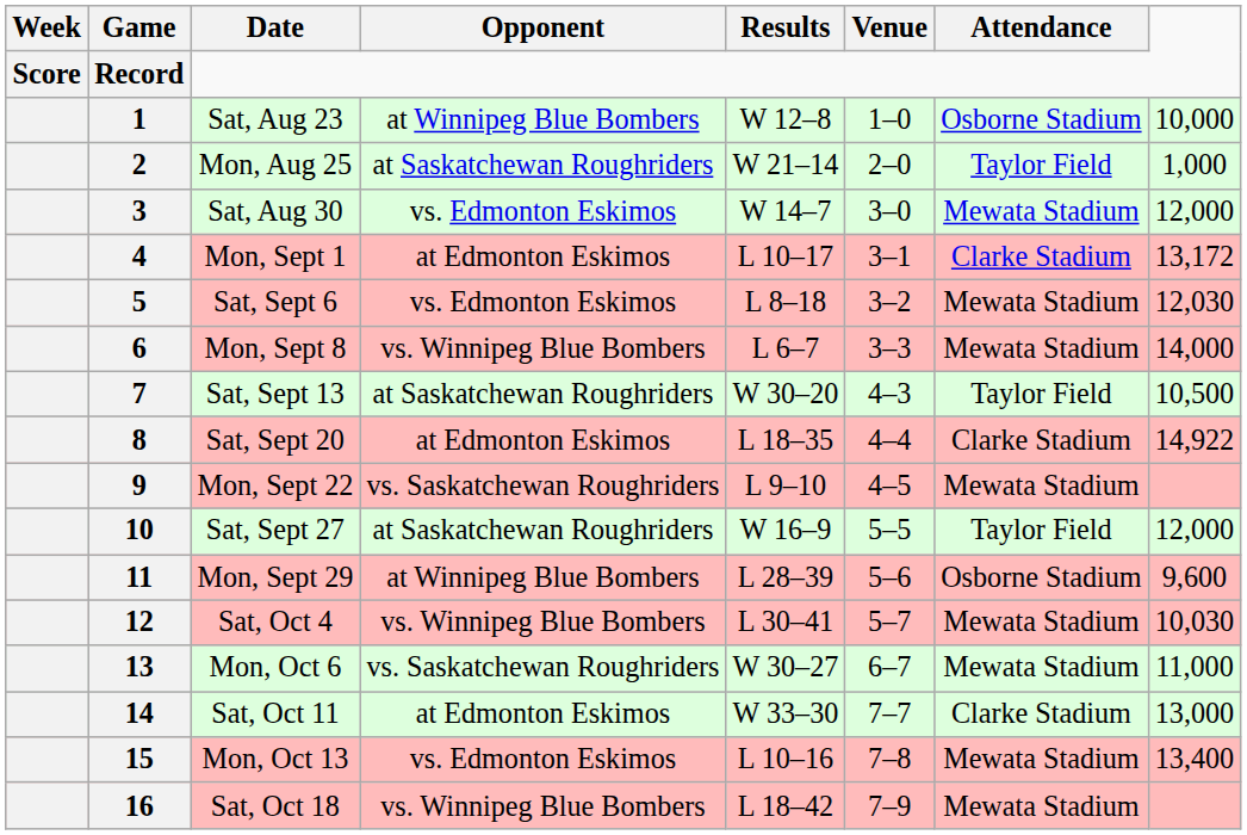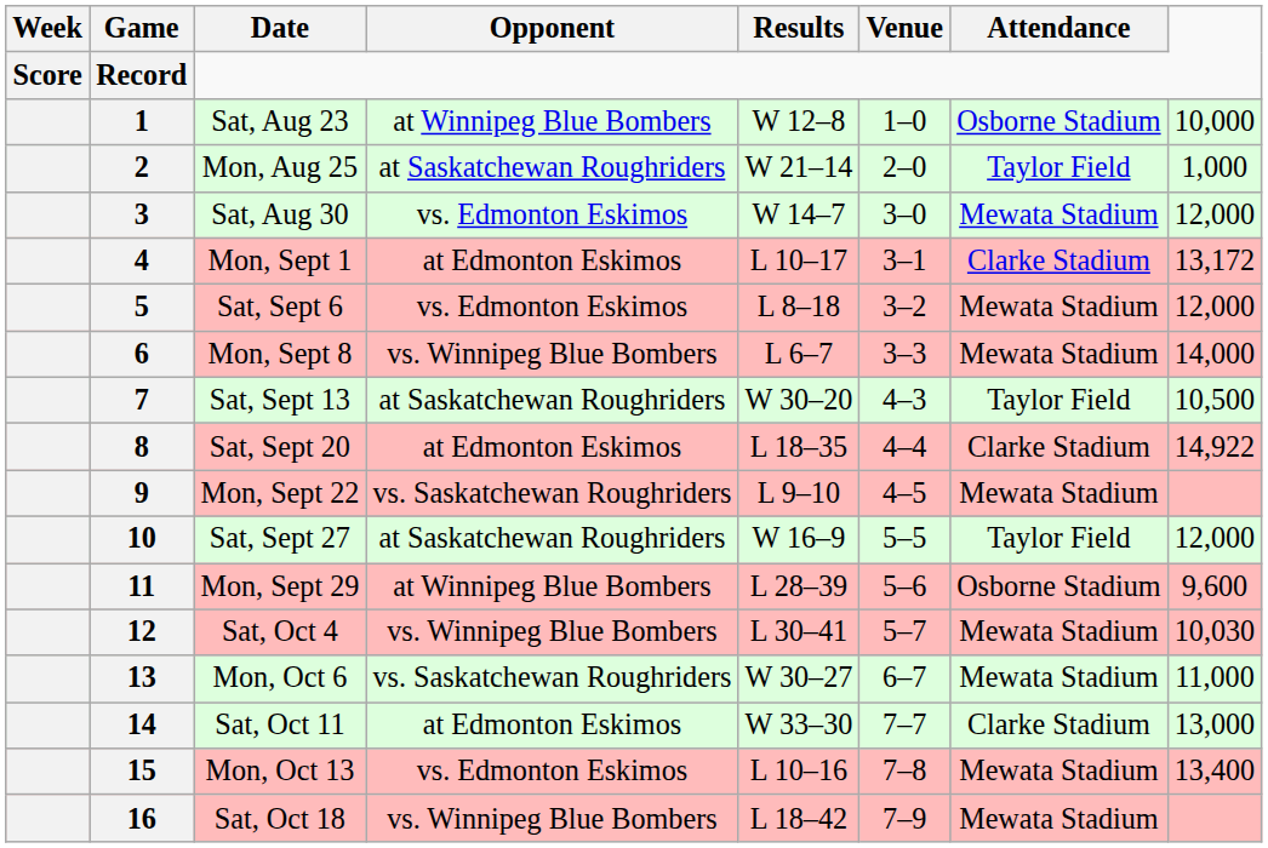 <table class="wikitable" style="text-align:center">
 <tr>
 <th>Week</th>
 <th>Game</th>
 <th>Date</th>
 <th>Opponent</th>
 <th>Results</th>
 <th>Venue</th>
 <th>Attendance</th>
 </tr>
 <tr>
 <th>Score</th>
 <th>Record</th>
 </tr>
 <tr style="background:#ddffdd">
 <th></th>
 <th>1</th>
 <td>Sat, Aug 23</td>
 <td>at <a href='#'>Winnipeg Blue Bombers</a></td>
 <td>W 12–8</td>
 <td>1–0</td>
 <td><a href='#'>Osborne Stadium</a></td>
 <td>10,000</td>
 </tr>
 <tr style="background:#ddffdd">
 <th></th>
 <th>2</th>
 <td>Mon, Aug 25</td>
 <td>at <a href='#'>Saskatchewan Roughriders</a></td>
 <td>W 21–14</td>
 <td>2–0</td>
 <td><a href='#'>Taylor Field</a></td>
 <td>1,000</td>
 </tr>
 <tr style="background:#ddffdd">
 <th></th>
 <th>3</th>
 <td>Sat, Aug 30</td>
 <td>vs. <a href='#'>Edmonton Eskimos</a></td>
 <td>W 14–7</td>
 <td>3–0</td>
 <td><a href='#'>Mewata Stadium</a></td>
 <td>12,000</td>
 </tr>
 <tr style="background:#ffbbbb">
 <th></th>
 <th>4</th>
 <td>Mon, Sept 1</td>
 <td>at Edmonton Eskimos</td>
 <td>L 10–17</td>
 <td>3–1</td>
 <td><a href='#'>Clarke Stadium</a></td>
 <td>13,172</td>
 </tr>
 <tr style="background:#ffbbbb">
 <th></th>
 <th>5</th>
 <td>Sat, Sept 6</td>
 <td>vs. Edmonton Eskimos</td>
 <td>L 8–18</td>
 <td>3–2</td>
 <td>Mewata Stadium</td>
-<td>12,030</td>
+<td>12,000</td>
 </tr>
 <tr style="background:#ffbbbb">
 <th></th>
 <th>6</th>
 <td>Mon, Sept 8</td>
 <td>vs. Winnipeg Blue Bombers</td>
 <td>L 6–7</td>
 <td>3–3</td>
 <td>Mewata Stadium</td>
 <td>14,000</td>
 </tr>
 <tr style="background:#ddffdd">
 <th></th>
 <th>7</th>
 <td>Sat, Sept 13</td>
 <td>at Saskatchewan Roughriders</td>
 <td>W 30–20</td>
 <td>4–3</td>
 <td>Taylor Field</td>
 <td>10,500</td>
 </tr>
 <tr style="background:#ffbbbb">
 <th></th>
 <th>8</th>
 <td>Sat, Sept 20</td>
 <td>at Edmonton Eskimos</td>
 <td>L 18–35</td>
 <td>4–4</td>
 <td>Clarke Stadium</td>
 <td>14,922</td>
 </tr>
 <tr style="background:#ffbbbb">
 <th></th>
 <th>9</th>
 <td>Mon, Sept 22</td>
 <td>vs. Saskatchewan Roughriders</td>
 <td>L 9–10</td>
 <td>4–5</td>
 <td>Mewata Stadium</td>
 <td></td>
 </tr>
 <tr style="background:#ddffdd">
 <th></th>
 <th>10</th>
 <td>Sat, Sept 27</td>
 <td>at Saskatchewan Roughriders</td>
 <td>W 16–9</td>
 <td>5–5</td>
 <td>Taylor Field</td>
 <td>12,000</td>
 </tr>
 <tr style="background:#ffbbbb">
 <th></th>
 <th>11</th>
 <td>Mon, Sept 29</td>
 <td>at Winnipeg Blue Bombers</td>
 <td>L 28–39</td>
 <td>5–6</td>
 <td>Osborne Stadium</td>
 <td>9,600</td>
 </tr>
 <tr style="background:#ffbbbb">
 <th></th>
 <th>12</th>
 <td>Sat, Oct 4</td>
 <td>vs. Winnipeg Blue Bombers</td>
 <td>L 30–41</td>
 <td>5–7</td>
 <td>Mewata Stadium</td>
 <td>10,030</td>
 </tr>
 <tr style="background:#ddffdd">
 <th></th>
 <th>13</th>
 <td>Mon, Oct 6</td>
 <td>vs. Saskatchewan Roughriders</td>
 <td>W 30–27</td>
 <td>6–7</td>
 <td>Mewata Stadium</td>
 <td>11,000</td>
 </tr>
 <tr style="background:#ddffdd">
 <th></th>
 <th>14</th>
 <td>Sat, Oct 11</td>
 <td>at Edmonton Eskimos</td>
 <td>W 33–30</td>
 <td>7–7</td>
 <td>Clarke Stadium</td>
 <td>13,000</td>
 </tr>
 <tr style="background:#ffbbbb">
 <th></th>
 <th>15</th>
 <td>Mon, Oct 13</td>
 <td>vs. Edmonton Eskimos</td>
 <td>L 10–16</td>
 <td>7–8</td>
 <td>Mewata Stadium</td>
 <td>13,400</td>
 </tr>
 <tr style="background:#ffbbbb">
 <th></th>
 <th>16</th>
 <td>Sat, Oct 18</td>
 <td>vs. Winnipeg Blue Bombers</td>
 <td>L 18–42</td>
 <td>7–9</td>
 <td>Mewata Stadium</td>
 <td></td>
 </tr>
 </table>
